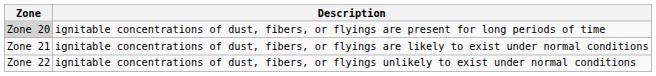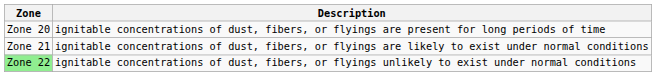 <table class="wikitable">
 <tr>
 <th>Zone</th>
 <th>Description</th>
 </tr>
 <tr>
-<td style="background: lightgrey;">Zone 20</td>
+<td>Zone 20</td>
 <td>ignitable concentrations of dust, fibers, or flyings are present for long periods of time</td>
 </tr>
 <tr>
 <td>Zone 21</td>
 <td>ignitable concentrations of dust, fibers, or flyings are likely to exist under normal conditions</td>
 </tr>
 <tr>
-<td>Zone 22</td>
+<td style="background: lightgreen;">Zone 22</td>
 <td>ignitable concentrations of dust, fibers, or flyings unlikely to exist under normal conditions</td>
 </tr>
 </table>
